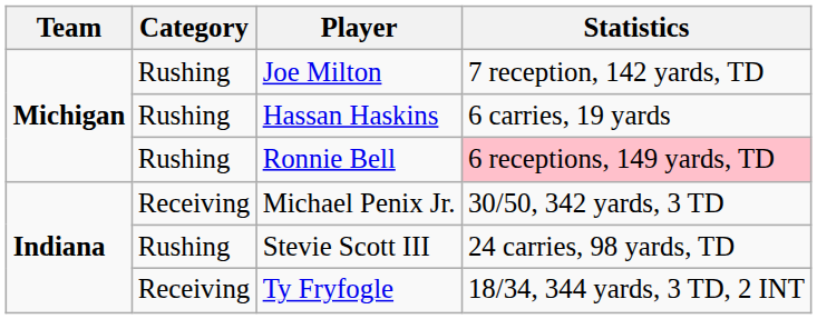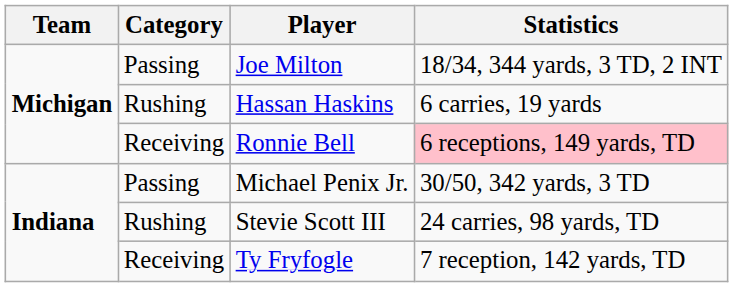 <table class="wikitable" style="float: right;">
 <tr>
 <th>Team</th>
 <th>Category</th>
 <th>Player</th>
 <th>Statistics</th>
 </tr>
 <tr>
 <td rowspan=3><strong>Michigan</strong></td>
-<td>Rushing</td>
+<td>Passing</td>
 <td><a href='#'>Joe Milton</a></td>
-<td>7 reception, 142 yards, TD</td>
+<td>18/34, 344 yards, 3 TD, 2 INT</td>
 </tr>
 <tr>
 <td>Rushing</td>
 <td><a href='#'>Hassan Haskins</a></td>
 <td>6 carries, 19 yards</td>
 </tr>
 <tr>
-<td>Rushing</td>
+<td>Receiving</td>
 <td><a href='#'>Ronnie Bell</a></td>
 <td style="background: pink;">6 receptions, 149 yards, TD</td>
 </tr>
 <tr>
 <td rowspan=3><strong>Indiana</strong></td>
-<td>Receiving</td>
+<td>Passing</td>
 <td>Michael Penix Jr.</td>
 <td>30/50, 342 yards, 3 TD</td>
 </tr>
 <tr>
 <td>Rushing</td>
 <td>Stevie Scott III</td>
 <td>24 carries, 98 yards, TD</td>
 </tr>
 <tr>
 <td>Receiving</td>
 <td><a href='#'>Ty Fryfogle</a></td>
-<td>18/34, 344 yards, 3 TD, 2 INT</td>
+<td>7 reception, 142 yards, TD</td>
 </tr>
 </table>
